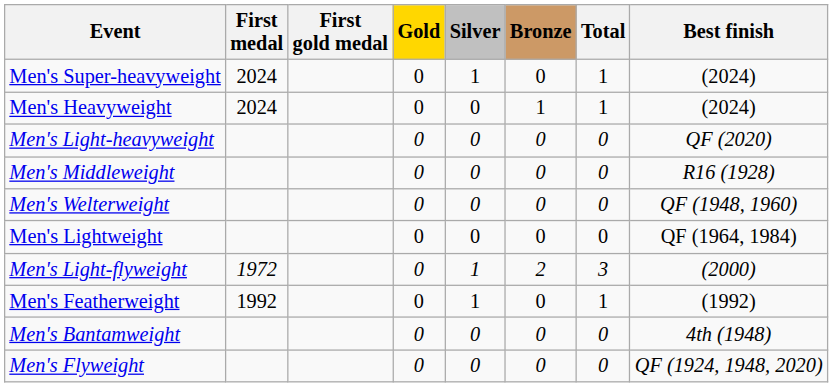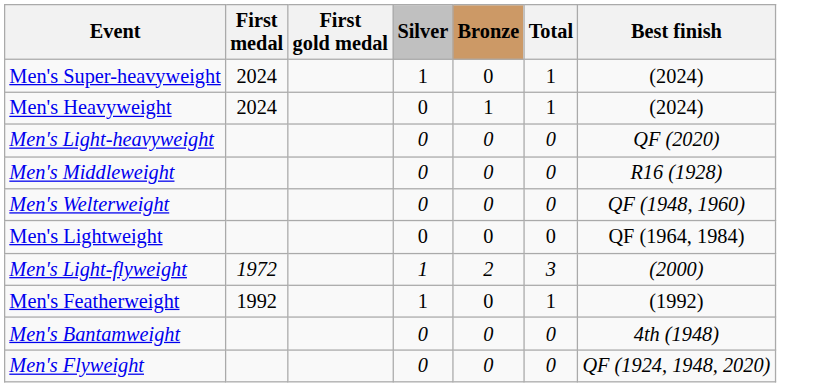 <table class="wikitable sortable" style="text-align:center">
 <tr>
 <th>Event</th>
 <th>First<br>medal</th>
 <th>First<br>gold medal</th>
-<th style="background-color:gold;">Gold</th>
 <th style="background-color:silver;">Silver</th>
 <th style="background-color:#c96;">Bronze</th>
 <th>Total</th>
 <th>Best finish</th>
 </tr>
 <tr>
 <td align=left><a href='#'>Men's Super-heavyweight</a></td>
 <td>2024</td>
 <td></td>
-<td>0</td>
 <td>1</td>
 <td>0</td>
 <td>1</td>
 <td> (2024)</td>
 </tr>
 <tr>
 <td align=left><a href='#'>Men's Heavyweight</a></td>
 <td>2024</td>
 <td></td>
-<td>0</td>
 <td>0</td>
 <td>1</td>
 <td>1</td>
 <td> (2024)</td>
 </tr>
 <tr>
 <td align=left><a href='#'><em>Men's Light-heavyweight</em></a></td>
 <td></td>
 <td></td>
 <td><em>0</em></td>
 <td><em>0</em></td>
 <td><em>0</em></td>
-<td><em>0</em></td>
 <td><em>QF (2020)</em></td>
 </tr>
 <tr>
 <td align="left"><a href='#'><em>Men's Middleweight</em></a></td>
 <td></td>
 <td></td>
-<td><em>0</em></td>
 <td><em>0</em></td>
 <td><em>0</em></td>
 <td><em>0</em></td>
 <td><em>R16 (1928)</em></td>
 </tr>
 <tr>
 <td align="left"><a href='#'><em>Men's Welterweight</em></a></td>
 <td></td>
 <td></td>
 <td><em>0</em></td>
 <td><em>0</em></td>
 <td><em>0</em></td>
-<td><em>0</em></td>
 <td><em>QF (1948, 1960)</em></td>
 </tr>
 <tr>
 <td align="left"><a href='#'>Men's Lightweight</a></td>
 <td></td>
 <td></td>
 <td>0</td>
 <td>0</td>
 <td>0</td>
-<td>0</td>
 <td>QF (1964, 1984)</td>
 </tr>
 <tr>
 <td align=left><a href='#'><em>Men's Light-flyweight</em></a></td>
 <td><em>1972</em></td>
 <td></td>
-<td><em>0</em></td>
 <td><em>1</em></td>
 <td><em>2</em></td>
 <td><em>3</em></td>
 <td><em> (2000)</em></td>
 </tr>
 <tr>
 <td align="left"><a href='#'>Men's Featherweight</a></td>
 <td>1992</td>
 <td></td>
-<td>0</td>
 <td>1</td>
 <td>0</td>
 <td>1</td>
 <td> (1992)</td>
 </tr>
 <tr>
 <td align=left><a href='#'><em>Men's Bantamweight</em></a></td>
 <td></td>
 <td></td>
 <td><em>0</em></td>
 <td><em>0</em></td>
 <td><em>0</em></td>
-<td><em>0</em></td>
 <td><em>4th (1948)</em></td>
 </tr>
 <tr>
 <td align="left"><a href='#'><em>Men's Flyweight</em></a></td>
 <td></td>
 <td></td>
 <td><em>0</em></td>
 <td><em>0</em></td>
 <td><em>0</em></td>
-<td><em>0</em></td>
 <td><em>QF (1924, 1948, 2020)</em></td>
 </tr>
 </table>
